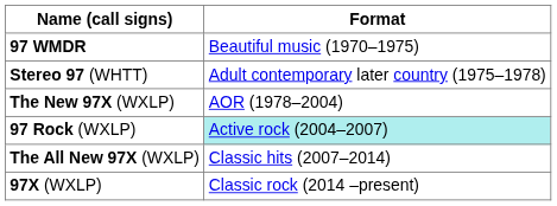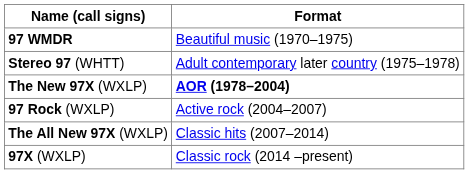 <table class="toccolours" border="1" cellpadding="4" cellspacing="0" style="border-collapse: collapse; float:left; margin-right: 1em; margin-bottom: 1em">
 <tr>
 <th>Name (call signs)</th>
 <th>Format</th>
 </tr>
 <tr>
 <td><strong>97 WMDR</strong></td>
 <td><a href='#'>Beautiful music</a> (1970–1975)</td>
 </tr>
 <tr>
 <td><strong>Stereo 97</strong> (WHTT)</td>
 <td><a href='#'>Adult contemporary</a> later <a href='#'>country</a> (1975–1978)</td>
 </tr>
 <tr>
 <td><strong>The New 97X</strong> (WXLP)</td>
-<td><a href='#'>AOR</a> (1978–2004)</td>
+<td><strong><a href='#'>AOR</a> (1978–2004)</strong></td>
 </tr>
 <tr>
 <td><strong>97 Rock</strong> (WXLP)</td>
-<td style="background: paleturquoise;"><a href='#'>Active rock</a> (2004–2007)</td>
+<td><a href='#'>Active rock</a> (2004–2007)</td>
 </tr>
 <tr>
 <td><strong>The All New 97X</strong> (WXLP)</td>
 <td><a href='#'>Classic hits</a> (2007–2014)</td>
 </tr>
 <tr>
 <td><strong>97X</strong> (WXLP)</td>
 <td><a href='#'>Classic rock</a> (2014 –present)</td>
 </tr>
 </table>
